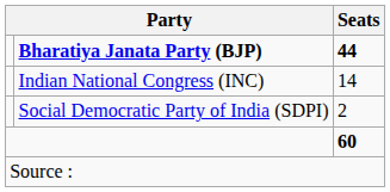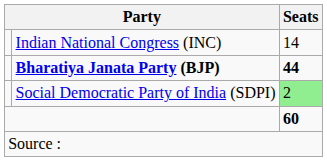 <table class="wikitable">
 <tr>
 <th colspan="2">Party</th>
 <th>Seats</th>
+</tr>
+<tr>
+<td style="background-color:"></td>
+<td><a href='#'>Indian National Congress</a> (INC)</td>
+<td>14</td>
 </tr>
 <tr>
 <td style="background-color:"></td>
 <td><strong><a href='#'>Bharatiya Janata Party</a> (BJP)</strong></td>
 <td><strong>44</strong></td>
 </tr>
 <tr>
 <td style="background-color:"></td>
-<td><a href='#'>Indian National Congress</a> (INC)</td>
-<td>14</td>
-</tr>
-<tr>
-<td style="background-color:"></td>
 <td><a href='#'>Social Democratic Party of India</a> (SDPI)</td>
-<td>2</td>
+<td style="background: lightgreen;">2</td>
 </tr>
 <tr>
 <td colspan="2"></td>
 <td><strong>60</strong></td>
 </tr>
 <tr>
 <td colspan="3">Source :</td>
 </tr>
 </table>
